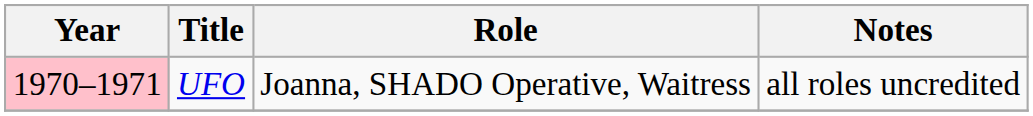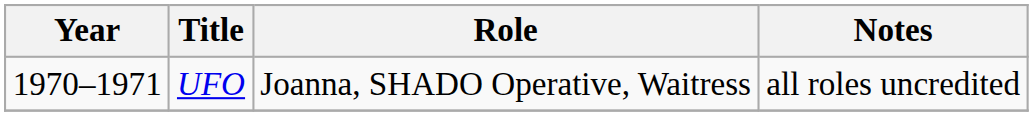 <table class="wikitable sortable">
 <tr>
 <th>Year</th>
 <th>Title</th>
 <th>Role</th>
 <th class="unsortable">Notes</th>
 </tr>
 <tr>
-<td style="background: pink;">1970–1971</td>
+<td>1970–1971</td>
 <td><em><a href='#'>UFO</a></em></td>
 <td>Joanna, SHADO Operative, Waitress</td>
 <td>all roles uncredited</td>
 </tr>
 <tr>
 </tr>
 </table>
